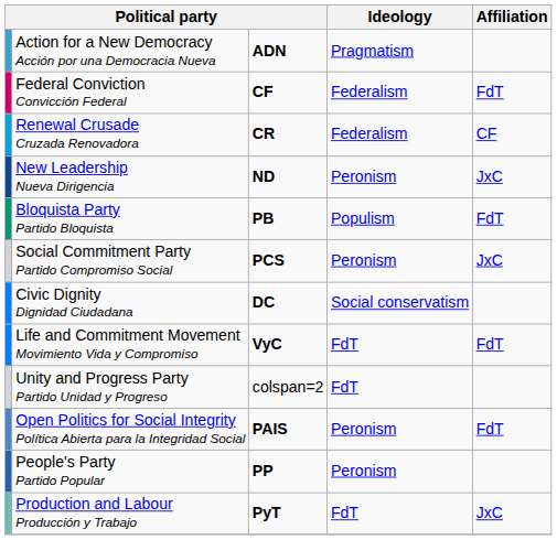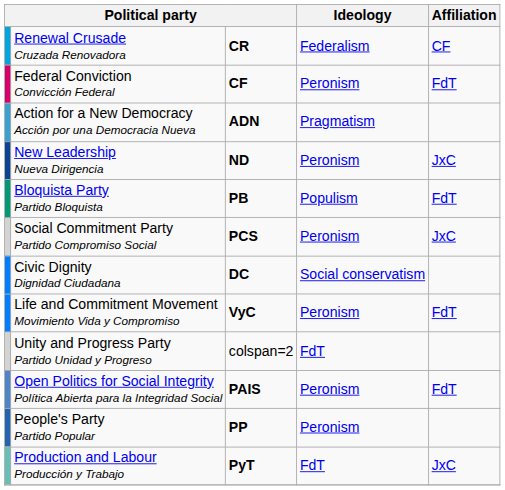 <table class="wikitable">
 <tr>
 <th colspan=3>Political party</th>
 <th>Ideology</th>
 <th>Affiliation</th>
 </tr>
 <tr>
+<th style="background:#00a5de;"></th>
+<td><a href='#'>Renewal Crusade</a><br><small><em>Cruzada Renovadora</em></small></td>
+<td><strong>CR</strong></td>
+<td><a href='#'>Federalism</a></td>
+<td><a href='#'>CF</a></td>
+</tr>
+<tr>
+<th style="background:#d5006a;"></th>
+<td>Federal Conviction<br><small><em>Convicción Federal</em></small></td>
+<td><strong>CF</strong></td>
+<td><a href='#'>Peronism</a></td>
+<td><a href='#'>FdT</a></td>
+</tr>
+<tr>
 <th style="background:#3ba0cd;"></th>
 <td>Action for a New Democracy<br><small><em>Acción por una Democracia Nueva</em></small></td>
 <td><strong>ADN</strong></td>
 <td><a href='#'>Pragmatism</a></td>
 <td></td>
-</tr>
-<tr>
-<th style="background:#d5006a;"></th>
-<td>Federal Conviction<br><small><em>Convicción Federal</em></small></td>
-<td><strong>CF</strong></td>
-<td><a href='#'>Federalism</a></td>
-<td><a href='#'>FdT</a></td>
-</tr>
-<tr>
-<th style="background:#00a5de;"></th>
-<td><a href='#'>Renewal Crusade</a><br><small><em>Cruzada Renovadora</em></small></td>
-<td><strong>CR</strong></td>
-<td><a href='#'>Federalism</a></td>
-<td><a href='#'>CF</a></td>
 </tr>
 <tr>
 <th style="background:#0b4592;"></th>
 <td><a href='#'>New Leadership</a><br><small><em>Nueva Dirigencia</em></small></td>
 <td><strong>ND</strong></td>
 <td><a href='#'>Peronism</a></td>
 <td><a href='#'>JxC</a></td>
 </tr>
 <tr>
 <th style="background:#029875;"></th>
 <td><a href='#'>Bloquista Party</a><br><small><em>Partido Bloquista</em></small></td>
 <td><strong>PB</strong></td>
 <td><a href='#'>Populism</a></td>
 <td><a href='#'>FdT</a></td>
 </tr>
 <tr>
 <th style="background:#d3d3d3;"></th>
 <td>Social Commitment Party<br><small><em>Partido Compromiso Social</em></small></td>
 <td><strong>PCS</strong></td>
 <td><a href='#'>Peronism</a></td>
 <td><a href='#'>JxC</a></td>
 </tr>
 <tr>
 <th style="background:#017efe;"></th>
 <td>Civic Dignity<br><small><em>Dignidad Ciudadana</em></small></td>
 <td><strong>DC</strong></td>
 <td><a href='#'>Social conservatism</a></td>
 <td></td>
 </tr>
 <tr>
 <th style="background:#017efe;"></th>
 <td>Life and Commitment Movement<br><small><em>Movimiento Vida y Compromiso</em></small></td>
 <td><strong>VyC</strong></td>
-<td><a href='#'>FdT</a></td>
+<td><a href='#'>Peronism</a></td>
 <td><a href='#'>FdT</a></td>
 </tr>
 <tr>
 <th style="background:#D3D3D3;"></th>
 <td>Unity and Progress Party<br><small><em>Partido Unidad y Progreso</em></small></td>
 <td>colspan=2 </td>
 <td><a href='#'>FdT</a></td>
 </tr>
 <tr>
 <th style="background:#4f85c5;"></th>
 <td><a href='#'>Open Politics for Social Integrity</a><br><small><em>Política Abierta para la Integridad Social</em></small></td>
 <td><strong>PAIS</strong></td>
 <td><a href='#'>Peronism</a></td>
 <td><a href='#'>FdT</a></td>
 </tr>
 <tr>
 <th style="background:#2563af;"></th>
 <td>People's Party<br><small><em>Partido Popular</em></small></td>
 <td><strong>PP</strong></td>
 <td><a href='#'>Peronism</a></td>
 <td></td>
 </tr>
 <tr>
 <th style="background:#6bbeb6;"></th>
 <td><a href='#'>Production and Labour</a><br><small><em>Producción y Trabajo</em></small></td>
 <td><strong>PyT</strong></td>
 <td><a href='#'>FdT</a></td>
 <td><a href='#'>JxC</a></td>
 </tr>
 <tr>
 </tr>
 </table>
